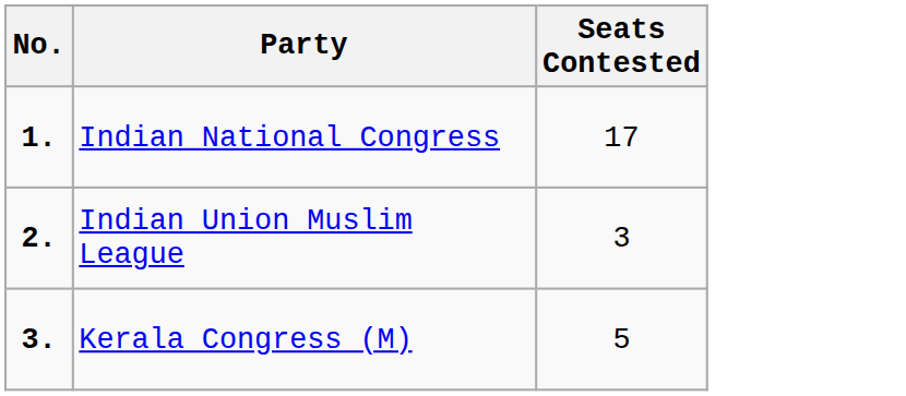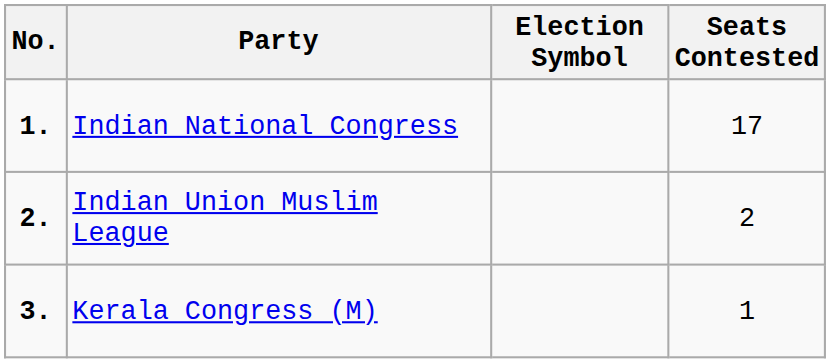 <table class="wikitable">
 <tr>
 <th scope="col" style="width:4px;">No.</th>
 <th scope="col" style="width:200px;">Party</th>
+<th scope="col" style="width:80px;">Election Symbol</th>
 <th scope="col" style="width:60px;">Seats Contested</th>
 </tr>
 <tr style="height: 45px;">
 <td style="text-align:center; background:"><strong>1.</strong></td>
 <td><a href='#'>Indian National Congress</a></td>
+<td style="text-align:center;"></td>
 <td style="text-align:center;">17</td>
 </tr>
 <tr style="height: 45px;">
 <td style="text-align:center; background:"><strong>2.</strong></td>
 <td><a href='#'>Indian Union Muslim League</a></td>
-<td style="text-align:center;">3</td>
+<td style="text-align:center;"></td>
+<td style="text-align:center;">2</td>
 </tr>
 <tr style="height: 45px;">
 <td style="text-align:center; background:"><strong>3.</strong></td>
 <td><a href='#'>Kerala Congress (M)</a></td>
-<td style="text-align:center;">5</td>
+<td style="text-align:center;"></td>
+<td style="text-align:center;">1</td>
 </tr>
 </table>
